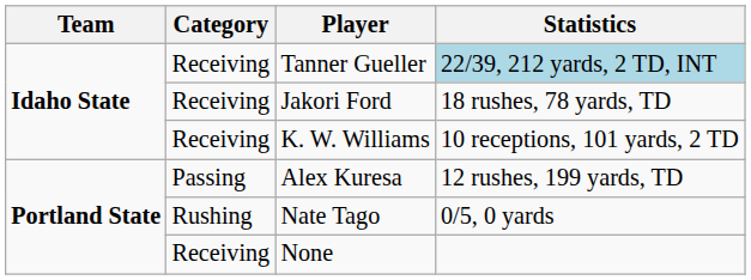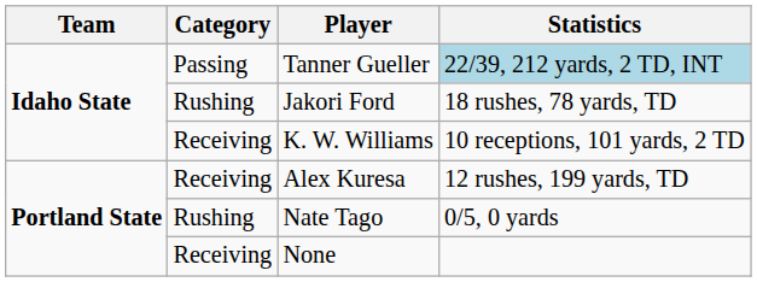 <table class="wikitable" style="float: left;">
 <tr>
 <th>Team</th>
 <th>Category</th>
 <th>Player</th>
 <th>Statistics</th>
 </tr>
 <tr>
 <td rowspan=3><strong>Idaho State</strong></td>
-<td>Receiving</td>
+<td>Passing</td>
 <td>Tanner Gueller</td>
 <td style="background: lightblue;">22/39, 212 yards, 2 TD, INT</td>
 </tr>
 <tr>
-<td>Receiving</td>
+<td>Rushing</td>
 <td>Jakori Ford</td>
 <td>18 rushes, 78 yards, TD</td>
 </tr>
 <tr>
 <td>Receiving</td>
 <td>K. W. Williams</td>
 <td>10 receptions, 101 yards, 2 TD</td>
 </tr>
 <tr>
 <td rowspan=3><strong>Portland State</strong></td>
-<td>Passing</td>
+<td>Receiving</td>
 <td>Alex Kuresa</td>
 <td>12 rushes, 199 yards, TD</td>
 </tr>
 <tr>
 <td>Rushing</td>
 <td>Nate Tago</td>
 <td>0/5, 0 yards</td>
 </tr>
 <tr>
 <td>Receiving</td>
 <td>None</td>
 <td></td>
 </tr>
 </table>
